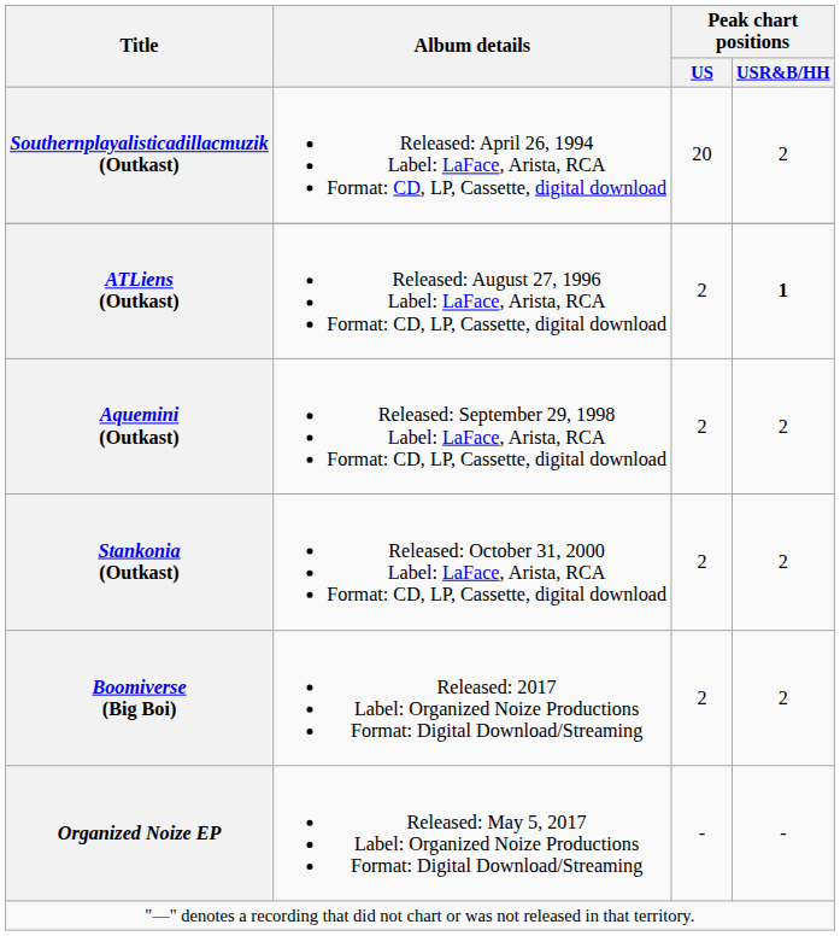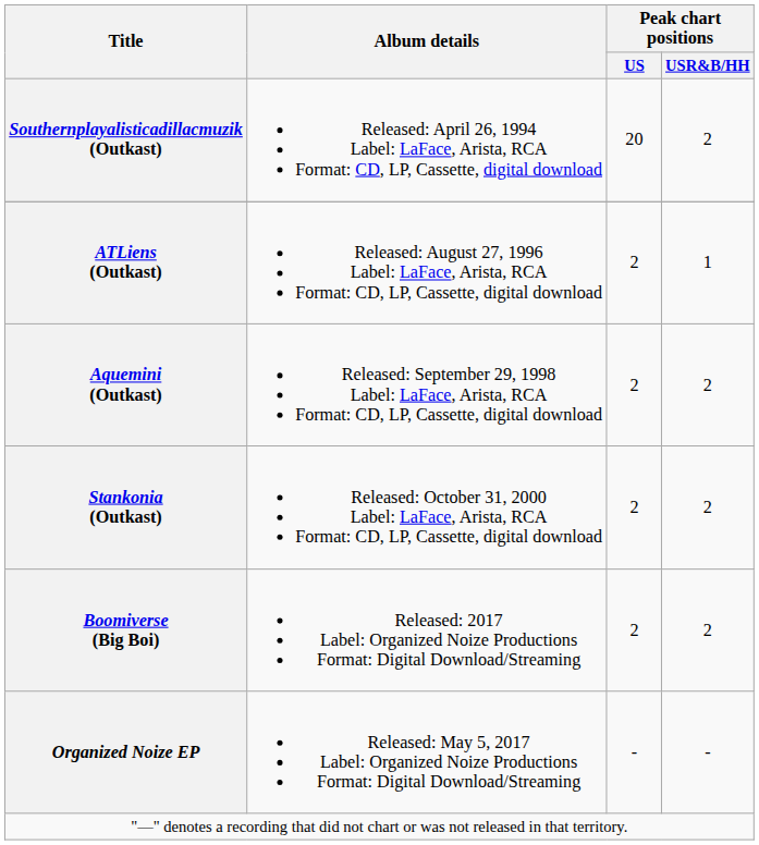 <table class="wikitable plainrowheaders" style="text-align:center;">
 <tr>
 <th rowspan="2" scope="col" style="width:12em;">Title</th>
 <th rowspan="2" scope="col" style="width:20em;">Album details</th>
 <th colspan="2" scope="col">Peak chart positions</th>
 </tr>
 <tr>
 <th scope="col" style="width:3em;font-size:90%;"><a href='#'>US</a></th>
 <th scope="col" style="width:3em;font-size:90%;"><a href='#'>USR&B/HH</a></th>
 </tr>
 <tr>
 <th scope="row"><em><a href='#'>Southernplayalisticadillacmuzik</a></em><br>(Outkast)</th>
 <td><br><ul><li>Released: April 26, 1994</li><li>Label: <a href='#'>LaFace</a>, Arista, RCA</li><li>Format: <a href='#'>CD</a>, LP, Cassette, <a href='#'>digital download</a></li></ul></td>
 <td>20</td>
 <td>2</td>
 </tr>
 <tr>
 </tr>
 <tr>
 <th scope="row"><em><a href='#'>ATLiens</a></em><br>(Outkast)</th>
 <td><br><ul><li>Released: August 27, 1996</li><li>Label: <a href='#'>LaFace</a>, Arista, RCA</li><li>Format: CD, LP, Cassette, digital download</li></ul></td>
 <td>2</td>
-<td><strong>1</strong></td>
+<td>1</td>
 </tr>
 <tr>
 <th scope="row"><em><a href='#'>Aquemini</a></em><br>(Outkast)</th>
 <td><br><ul><li>Released: September 29, 1998</li><li>Label: <a href='#'>LaFace</a>, Arista, RCA</li><li>Format: CD, LP, Cassette, digital download</li></ul></td>
 <td>2</td>
 <td>2</td>
 </tr>
 <tr>
 <th scope="row"><em><a href='#'>Stankonia</a></em><br>(Outkast)</th>
 <td><br><ul><li>Released: October 31, 2000</li><li>Label: <a href='#'>LaFace</a>, Arista, RCA</li><li>Format: CD, LP, Cassette, digital download</li></ul></td>
 <td>2</td>
 <td>2</td>
 </tr>
 <tr>
 <th scope="row"><em><a href='#'>Boomiverse</a></em><br>(Big Boi)</th>
 <td><br><ul><li>Released: 2017</li><li>Label: Organized Noize Productions</li><li>Format: Digital Download/Streaming</li></ul></td>
 <td>2</td>
 <td>2</td>
 </tr>
 <tr>
 <th scope="row"><em>Organized Noize EP</em></th>
 <td><br><ul><li>Released: May 5, 2017</li><li>Label: Organized Noize Productions</li><li>Format: Digital Download/Streaming</li></ul></td>
 <td>-</td>
 <td>-</td>
 </tr>
 <tr>
 <td colspan="7" style="font-size:90%">"—" denotes a recording that did not chart or was not released in that territory.</td>
 </tr>
 </table>
